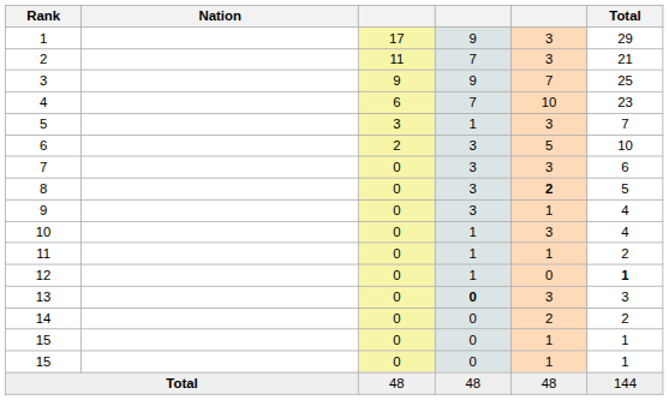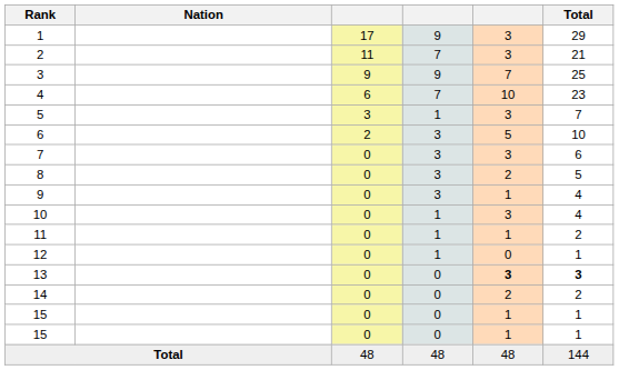 <table class=wikitable width=35% cellspacing="1" cellpadding="3" style="border:1px solid #AAAAAA;font-size:90%">
 <tr bgcolor="#EFEFEF">
 <th width=50>Rank</th>
 <th width=200>Nation</th>
 <th width=50></th>
 <th width=50></th>
 <th width=50></th>
 <th width=50>Total</th>
 </tr>
 <tr align="center" valign="top" bgcolor="#FFFFFF">
 <td rowspan="1" valign="center">1</td>
 <td align="left"></td>
 <td style="background:#F7F6A8;">17</td>
 <td style="background:#DCE5E5;">9</td>
 <td style="background:#FFDAB9;">3</td>
 <td>29</td>
 </tr>
 <tr align="center" valign="top" bgcolor="#FFFFFF">
 <td rowspan="1" valign="center">2</td>
 <td align="left"></td>
 <td style="background:#F7F6A8;">11</td>
 <td style="background:#DCE5E5;">7</td>
 <td style="background:#FFDAB9;">3</td>
 <td>21</td>
 </tr>
 <tr align="center" valign="top" bgcolor="#FFFFFF">
 <td rowspan="1" valign="center">3</td>
 <td align="left"></td>
 <td style="background:#F7F6A8;">9</td>
 <td style="background:#DCE5E5;">9</td>
 <td style="background:#FFDAB9;">7</td>
 <td>25</td>
 </tr>
 <tr align="center" valign="top" bgcolor="#FFFFFF">
 <td rowspan="1" valign="center">4</td>
 <td align="left"></td>
 <td style="background:#F7F6A8;">6</td>
 <td style="background:#DCE5E5;">7</td>
 <td style="background:#FFDAB9;">10</td>
 <td>23</td>
 </tr>
 <tr align="center" valign="top" bgcolor="#FFFFFF">
 <td rowspan="1" valign="center">5</td>
 <td align="left"></td>
 <td style="background:#F7F6A8;">3</td>
 <td style="background:#DCE5E5;">1</td>
 <td style="background:#FFDAB9;">3</td>
 <td>7</td>
 </tr>
 <tr align="center" valign="top" bgcolor="#FFFFFF">
 <td rowspan="1" valign="center">6</td>
 <td align="left"></td>
 <td style="background:#F7F6A8;">2</td>
 <td style="background:#DCE5E5;">3</td>
 <td style="background:#FFDAB9;">5</td>
 <td>10</td>
 </tr>
 <tr align="center" valign="top" bgcolor="#FFFFFF">
 <td rowspan="1" valign="center">7</td>
 <td align="left"></td>
 <td style="background:#F7F6A8;">0</td>
 <td style="background:#DCE5E5;">3</td>
 <td style="background:#FFDAB9;">3</td>
 <td>6</td>
 </tr>
 <tr align="center" valign="top" bgcolor="#FFFFFF">
 <td rowspan="1" valign="center">8</td>
 <td align="left"></td>
 <td style="background:#F7F6A8;">0</td>
 <td style="background:#DCE5E5;">3</td>
-<td style="background:#FFDAB9;"><strong>2</strong></td>
+<td style="background:#FFDAB9;">2</td>
 <td>5</td>
 </tr>
 <tr align="center" valign="top" bgcolor="#FFFFFF">
 <td rowspan="1" valign="center">9</td>
 <td align="left"></td>
 <td style="background:#F7F6A8;">0</td>
 <td style="background:#DCE5E5;">3</td>
 <td style="background:#FFDAB9;">1</td>
 <td>4</td>
 </tr>
 <tr align="center" valign="top" bgcolor="#FFFFFF">
 <td rowspan="1" valign="center">10</td>
 <td align="left"></td>
 <td style="background:#F7F6A8;">0</td>
 <td style="background:#DCE5E5;">1</td>
 <td style="background:#FFDAB9;">3</td>
 <td>4</td>
 </tr>
 <tr align="center" valign="top" bgcolor="#FFFFFF">
 <td rowspan="1" valign="center">11</td>
 <td align="left"></td>
 <td style="background:#F7F6A8;">0</td>
 <td style="background:#DCE5E5;">1</td>
 <td style="background:#FFDAB9;">1</td>
 <td>2</td>
 </tr>
 <tr align="center" valign="top" bgcolor="#FFFFFF">
 <td rowspan="1" valign="center">12</td>
 <td align="left"></td>
 <td style="background:#F7F6A8;">0</td>
 <td style="background:#DCE5E5;">1</td>
 <td style="background:#FFDAB9;">0</td>
-<td><strong>1</strong></td>
+<td>1</td>
 </tr>
 <tr align="center" valign="top" bgcolor="#FFFFFF">
 <td rowspan="1" valign="center">13</td>
 <td align="left"></td>
 <td style="background:#F7F6A8;">0</td>
-<td style="background:#DCE5E5;"><strong>0</strong></td>
-<td style="background:#FFDAB9;">3</td>
-<td>3</td>
+<td style="background:#DCE5E5;">0</td>
+<td style="background:#FFDAB9;"><strong>3</strong></td>
+<td><strong>3</strong></td>
 </tr>
 <tr align="center" valign="top" bgcolor="#FFFFFF">
 <td rowspan="1" valign="center">14</td>
 <td align="left"></td>
 <td style="background:#F7F6A8;">0</td>
 <td style="background:#DCE5E5;">0</td>
 <td style="background:#FFDAB9;">2</td>
 <td>2</td>
 </tr>
 <tr align="center" valign="top" bgcolor="#FFFFFF">
 <td rowspan="1" valign="center">15</td>
 <td align="left"></td>
 <td style="background:#F7F6A8;">0</td>
 <td style="background:#DCE5E5;">0</td>
 <td style="background:#FFDAB9;">1</td>
 <td>1</td>
 </tr>
 <tr align="center" valign="top" bgcolor="#FFFFFF">
 <td rowspan="1" valign="center">15</td>
 <td align="left"></td>
 <td style="background:#F7F6A8;">0</td>
 <td style="background:#DCE5E5;">0</td>
 <td style="background:#FFDAB9;">1</td>
 <td>1</td>
 </tr>
 <tr align="center" valign="top" bgcolor="#EFEFEF">
 <td colspan="2" rowspan="1" valign="center"><strong>Total</strong></td>
 <td>48</td>
 <td>48</td>
 <td>48</td>
 <td>144</td>
 </tr>
 </table>
